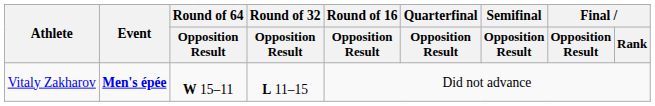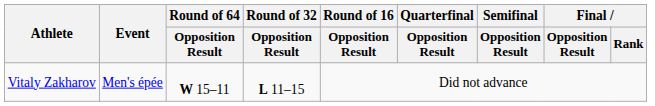 <table class=wikitable style=font-size:90%;text-align:center>
 <tr>
 <th rowspan=2>Athlete</th>
 <th rowspan=2>Event</th>
 <th>Round of 64</th>
 <th>Round of 32</th>
 <th>Round of 16</th>
 <th>Quarterfinal</th>
 <th>Semifinal</th>
 <th colspan=2>Final / </th>
 </tr>
 <tr style=font-size:95%>
 <th>Opposition<br>Result</th>
 <th>Opposition<br>Result</th>
 <th>Opposition<br>Result</th>
 <th>Opposition<br>Result</th>
 <th>Opposition<br>Result</th>
 <th>Opposition<br>Result</th>
 <th>Rank</th>
 </tr>
 <tr>
 <td align=left><a href='#'>Vitaly Zakharov</a></td>
-<td align=left><strong><a href='#'>Men's épée</a></strong></td>
+<td align=left><a href='#'>Men's épée</a></td>
 <td><br><strong>W</strong> 15–11</td>
 <td><br><strong>L</strong> 11–15</td>
 <td colspan=5>Did not advance</td>
 </tr>
 </table>
